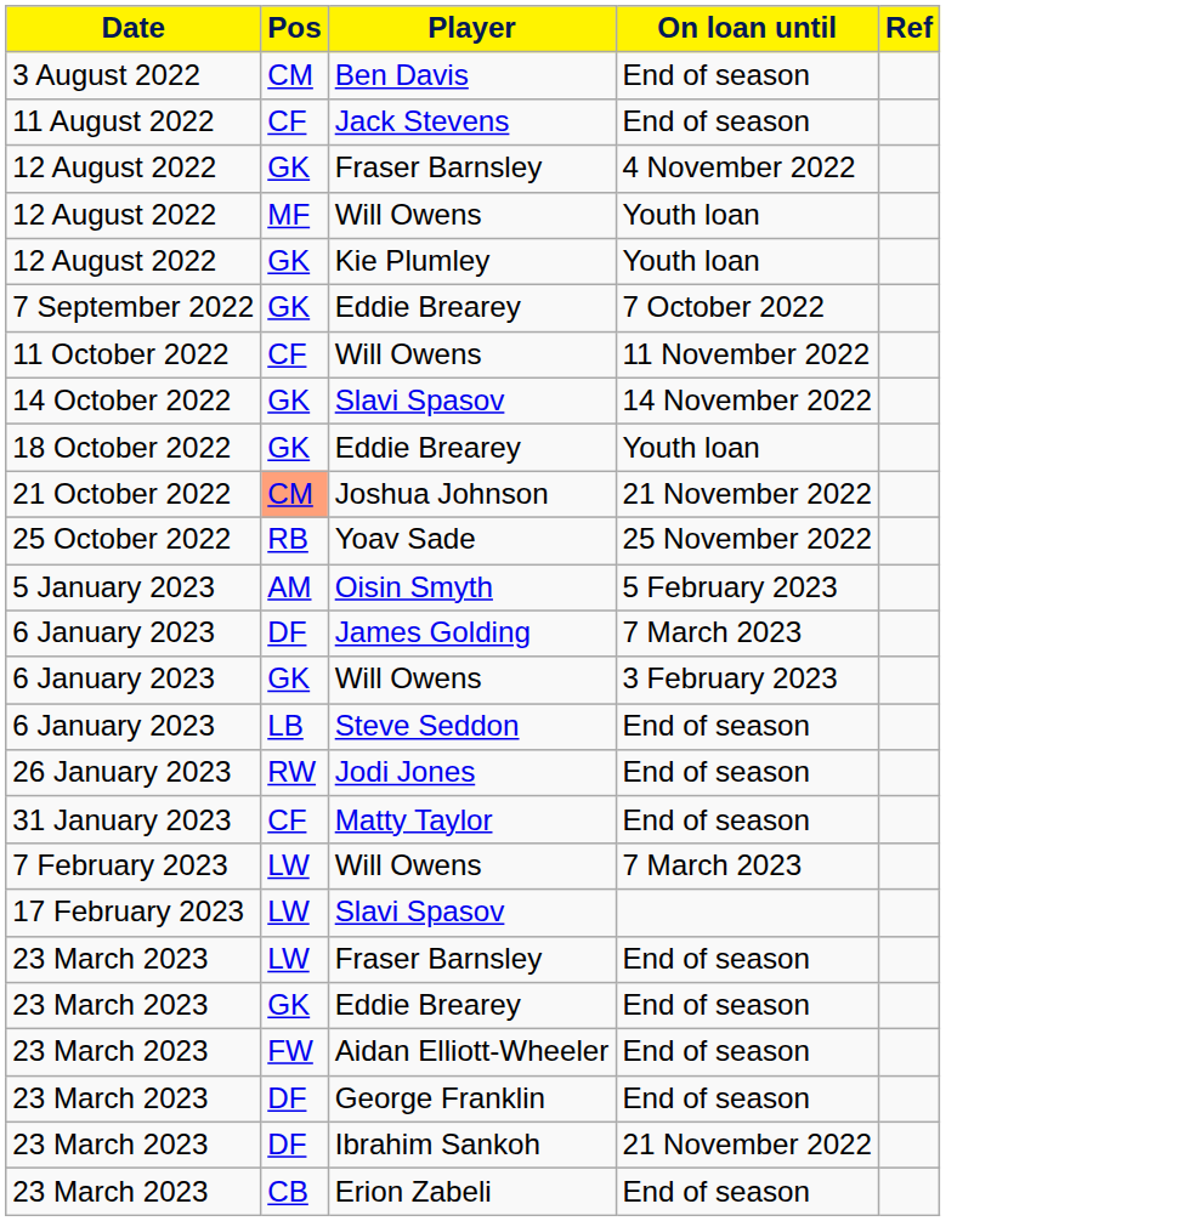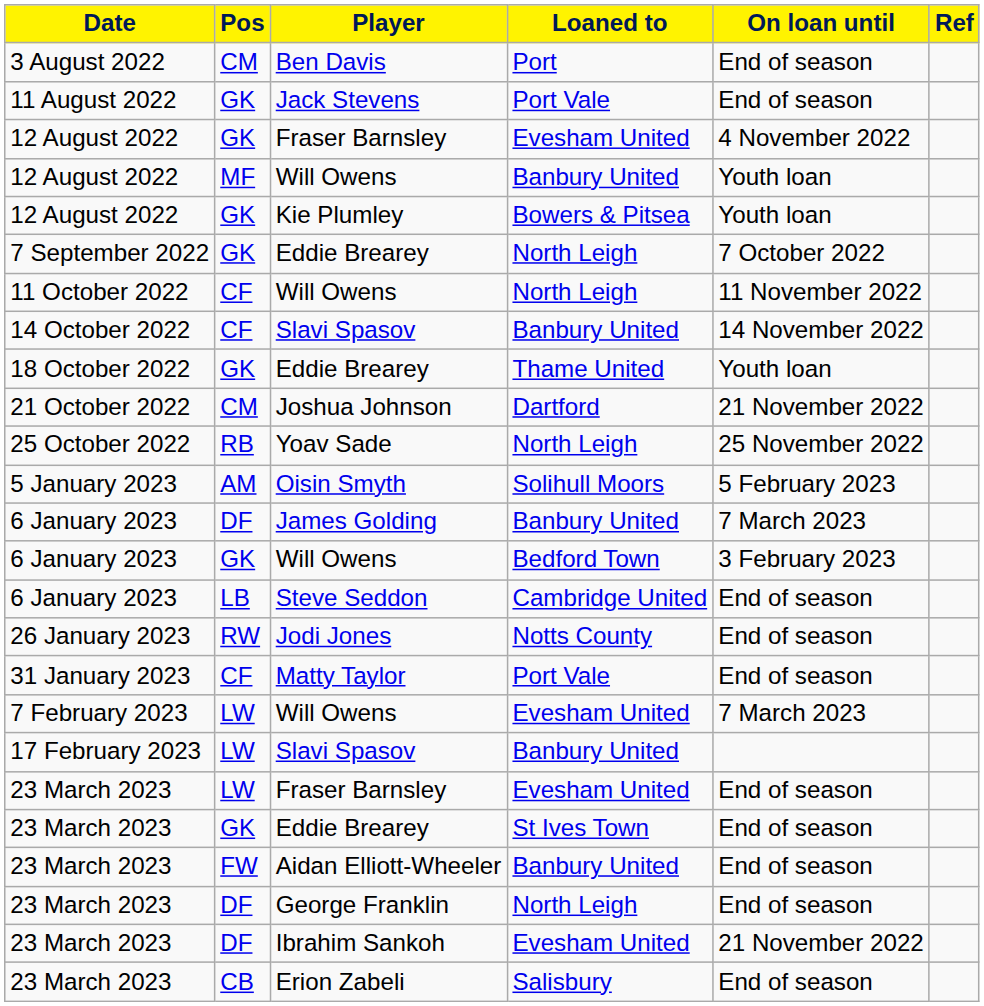 <table class="wikitable plainrowheaders sortable">
 <tr>
 <th style="background:#FFF300; color:#001958; ">Date</th>
 <th style="background:#FFF300; color:#001958; ">Pos</th>
 <th style="background:#FFF300; color:#001958; ">Player</th>
+<th style="background:#FFF300; color:#001958; ">Loaned to</th>
 <th style="background:#FFF300; color:#001958; ">On loan until</th>
 <th style="background:#FFF300; color:#001958; ">Ref</th>
 </tr>
 <tr>
 <td>3 August 2022</td>
 <td><a href='#'>CM</a></td>
 <td> <a href='#'>Ben Davis</a></td>
+<td> <a href='#'>Port</a></td>
 <td>End of season</td>
 <td></td>
 </tr>
 <tr>
 <td>11 August 2022</td>
-<td><a href='#'>CF</a></td>
+<td><a href='#'>GK</a></td>
 <td> <a href='#'>Jack Stevens</a></td>
+<td> <a href='#'>Port Vale</a></td>
 <td>End of season</td>
 <td></td>
 </tr>
 <tr>
 <td>12 August 2022</td>
 <td><a href='#'>GK</a></td>
 <td> Fraser Barnsley</td>
+<td> <a href='#'>Evesham United</a></td>
 <td>4 November 2022</td>
 <td></td>
 </tr>
 <tr>
 <td>12 August 2022</td>
 <td><a href='#'>MF</a></td>
 <td> Will Owens</td>
+<td> <a href='#'>Banbury United</a></td>
 <td>Youth loan</td>
 <td></td>
 </tr>
 <tr>
 <td>12 August 2022</td>
 <td><a href='#'>GK</a></td>
 <td> Kie Plumley</td>
+<td> <a href='#'>Bowers & Pitsea</a></td>
 <td>Youth loan</td>
 <td></td>
 </tr>
 <tr>
 <td>7 September 2022</td>
 <td><a href='#'>GK</a></td>
 <td> Eddie Brearey</td>
+<td> <a href='#'>North Leigh</a></td>
 <td>7 October 2022</td>
 <td></td>
 </tr>
 <tr>
 <td>11 October 2022</td>
 <td><a href='#'>CF</a></td>
 <td> Will Owens</td>
+<td> <a href='#'>North Leigh</a></td>
 <td>11 November 2022</td>
 <td></td>
 </tr>
 <tr>
 <td>14 October 2022</td>
-<td><a href='#'>GK</a></td>
+<td><a href='#'>CF</a></td>
 <td> <a href='#'>Slavi Spasov</a></td>
+<td> <a href='#'>Banbury United</a></td>
 <td>14 November 2022</td>
 <td></td>
 </tr>
 <tr>
 <td>18 October 2022</td>
 <td><a href='#'>GK</a></td>
 <td> Eddie Brearey</td>
+<td> <a href='#'>Thame United</a></td>
 <td>Youth loan</td>
 <td></td>
 </tr>
 <tr>
 <td>21 October 2022</td>
-<td style="background: lightsalmon;"><a href='#'>CM</a></td>
+<td><a href='#'>CM</a></td>
 <td> Joshua Johnson</td>
+<td> <a href='#'>Dartford</a></td>
 <td>21 November 2022</td>
 <td></td>
 </tr>
 <tr>
 <td>25 October 2022</td>
 <td><a href='#'>RB</a></td>
 <td> Yoav Sade</td>
+<td> <a href='#'>North Leigh</a></td>
 <td>25 November 2022</td>
 <td></td>
 </tr>
 <tr>
 <td>5 January 2023</td>
 <td><a href='#'>AM</a></td>
 <td> <a href='#'>Oisin Smyth</a></td>
+<td> <a href='#'>Solihull Moors</a></td>
 <td>5 February 2023</td>
 <td></td>
 </tr>
 <tr>
 <td>6 January 2023</td>
 <td><a href='#'>DF</a></td>
 <td> <a href='#'>James Golding</a></td>
+<td> <a href='#'>Banbury United</a></td>
 <td>7 March 2023</td>
 <td></td>
 </tr>
 <tr>
 <td>6 January 2023</td>
 <td><a href='#'>GK</a></td>
 <td> Will Owens</td>
+<td> <a href='#'>Bedford Town</a></td>
 <td>3 February 2023</td>
 <td></td>
 </tr>
 <tr>
 <td>6 January 2023</td>
 <td><a href='#'>LB</a></td>
 <td> <a href='#'>Steve Seddon</a></td>
+<td> <a href='#'>Cambridge United</a></td>
 <td>End of season</td>
 <td></td>
 </tr>
 <tr>
 <td>26 January 2023</td>
 <td><a href='#'>RW</a></td>
 <td> <a href='#'>Jodi Jones</a></td>
+<td> <a href='#'>Notts County</a></td>
 <td>End of season</td>
 <td></td>
 </tr>
 <tr>
 <td>31 January 2023</td>
 <td><a href='#'>CF</a></td>
 <td> <a href='#'>Matty Taylor</a></td>
+<td> <a href='#'>Port Vale</a></td>
 <td>End of season</td>
 <td></td>
 </tr>
 <tr>
 <td>7 February 2023</td>
 <td><a href='#'>LW</a></td>
 <td> Will Owens</td>
+<td> <a href='#'>Evesham United</a></td>
 <td>7 March 2023</td>
 <td></td>
 </tr>
 <tr>
 <td>17 February 2023</td>
 <td><a href='#'>LW</a></td>
 <td> <a href='#'>Slavi Spasov</a></td>
+<td> <a href='#'>Banbury United</a></td>
 <td></td>
 <td></td>
 </tr>
 <tr>
 <td>23 March 2023</td>
 <td><a href='#'>LW</a></td>
 <td> Fraser Barnsley</td>
+<td> <a href='#'>Evesham United</a></td>
 <td>End of season</td>
 <td></td>
 </tr>
 <tr>
 <td>23 March 2023</td>
 <td><a href='#'>GK</a></td>
 <td> Eddie Brearey</td>
+<td> <a href='#'>St Ives Town</a></td>
 <td>End of season</td>
 <td></td>
 </tr>
 <tr>
 <td>23 March 2023</td>
 <td><a href='#'>FW</a></td>
 <td> Aidan Elliott-Wheeler</td>
+<td> <a href='#'>Banbury United</a></td>
 <td>End of season</td>
 <td></td>
 </tr>
 <tr>
 <td>23 March 2023</td>
 <td><a href='#'>DF</a></td>
 <td> George Franklin</td>
+<td> <a href='#'>North Leigh</a></td>
 <td>End of season</td>
 <td></td>
 </tr>
 <tr>
 <td>23 March 2023</td>
 <td><a href='#'>DF</a></td>
 <td> Ibrahim Sankoh</td>
+<td> <a href='#'>Evesham United</a></td>
 <td>21 November 2022</td>
 <td></td>
 </tr>
 <tr>
 <td>23 March 2023</td>
 <td><a href='#'>CB</a></td>
 <td> Erion Zabeli</td>
+<td> <a href='#'>Salisbury</a></td>
 <td>End of season</td>
 <td></td>
 </tr>
 </table>
